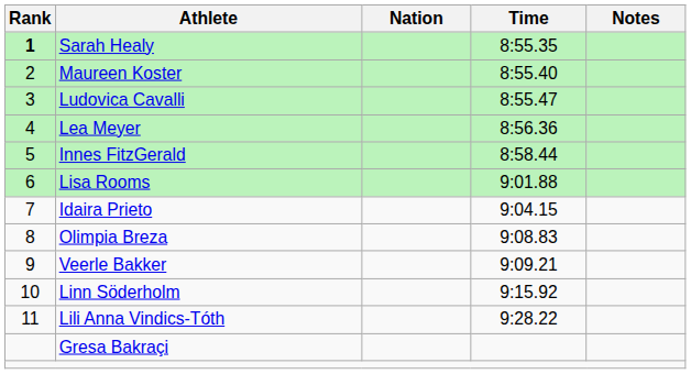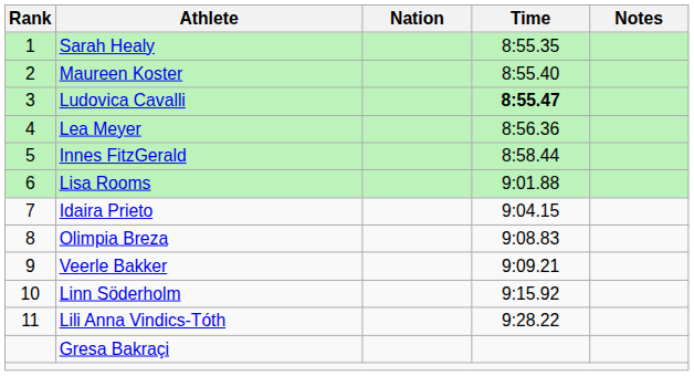 <table class="wikitable sortable" style="text-align:center;width: 50%;">
 <tr>
 <th scope="col" style="width: 10px;">Rank</th>
 <th scope="col">Athlete</th>
 <th scope="col">Nation</th>
 <th scope="col">Time</th>
 <th scope="col">Notes</th>
 </tr>
 <tr bgcolor=bbf3bb>
-<td><strong>1</strong></td>
+<td>1</td>
 <td align=left><a href='#'>Sarah Healy</a></td>
 <td align=left></td>
 <td>8:55.35</td>
 <td></td>
 </tr>
 <tr bgcolor=bbf3bb>
 <td>2</td>
 <td align=left><a href='#'>Maureen Koster</a></td>
 <td align=left></td>
 <td>8:55.40</td>
 <td></td>
 </tr>
 <tr bgcolor=bbf3bb>
 <td>3</td>
 <td align=left><a href='#'>Ludovica Cavalli</a></td>
 <td align=left></td>
-<td>8:55.47</td>
+<td><strong>8:55.47</strong></td>
 <td></td>
 </tr>
 <tr bgcolor=bbf3bb>
 <td>4</td>
 <td align=left><a href='#'>Lea Meyer</a></td>
 <td align=left></td>
 <td>8:56.36</td>
 <td></td>
 </tr>
 <tr bgcolor=bbf3bb>
 <td>5</td>
 <td align=left><a href='#'>Innes FitzGerald</a></td>
 <td align=left></td>
 <td>8:58.44</td>
 <td></td>
 </tr>
 <tr bgcolor=bbf3bb>
 <td>6</td>
 <td align=left><a href='#'>Lisa Rooms</a></td>
 <td align=left></td>
 <td>9:01.88</td>
 <td></td>
 </tr>
 <tr>
 <td>7</td>
 <td align=left><a href='#'>Idaira Prieto</a></td>
 <td align=left></td>
 <td>9:04.15</td>
 <td></td>
 </tr>
 <tr>
 <td>8</td>
 <td align=left><a href='#'>Olimpia Breza</a></td>
 <td align=left></td>
 <td>9:08.83</td>
 <td></td>
 </tr>
 <tr>
 <td>9</td>
 <td align=left><a href='#'>Veerle Bakker</a></td>
 <td align=left></td>
 <td>9:09.21</td>
 <td></td>
 </tr>
 <tr>
 <td>10</td>
 <td align=left><a href='#'>Linn Söderholm</a></td>
 <td align=left></td>
 <td>9:15.92</td>
 <td></td>
 </tr>
 <tr>
 <td>11</td>
 <td align=left><a href='#'>Lili Anna Vindics-Tóth</a></td>
 <td align=left></td>
 <td>9:28.22</td>
 <td></td>
 </tr>
 <tr>
 <td></td>
 <td align=left><a href='#'>Gresa Bakraçi</a></td>
 <td align=left></td>
 <td></td>
 <td></td>
 </tr>
 <tr class="sortbottom">
 <td colspan="5"></td>
 </tr>
 </table>
